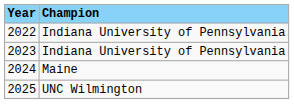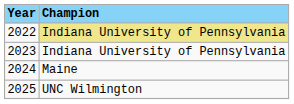 <table class="wikitable" style="font-size:85%;">
 <tr ! style="background-color: #87D3F8;">
 <td><strong>Year</strong></td>
 <td><strong>Champion</strong></td>
 </tr>
 <tr --->
 <td>2022</td>
-<td>Indiana University of Pennsylvania</td>
+<td style="background: khaki;">Indiana University of Pennsylvania</td>
 </tr>
 <tr --->
 <td>2023</td>
 <td>Indiana University of Pennsylvania</td>
 </tr>
 <tr --->
 <td>2024</td>
 <td>Maine</td>
 </tr>
 <tr --->
 <td>2025</td>
 <td>UNC Wilmington</td>
 </tr>
 <tr --->
 </tr>
 </table>
